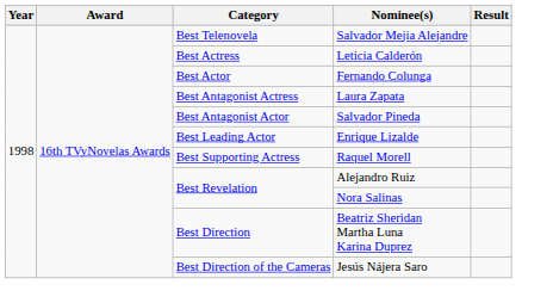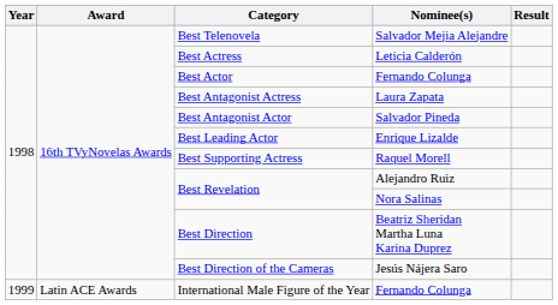 <table class="wikitable">
 <tr style="background:#b0c4de;">
 <th>Year</th>
 <th>Award</th>
 <th>Category</th>
 <th>Nominee(s)</th>
 <th>Result</th>
 </tr>
 <tr>
 <td rowspan=11>1998</td>
 <td rowspan=11><a href='#'>16th TVyNovelas Awards</a></td>
 <td><a href='#'>Best Telenovela</a></td>
 <td><a href='#'>Salvador Mejia Alejandre</a></td>
 <td></td>
 </tr>
 <tr>
 <td><a href='#'>Best Actress</a></td>
 <td><a href='#'>Leticia Calderón</a></td>
 <td></td>
 </tr>
 <tr>
 <td><a href='#'>Best Actor</a></td>
 <td><a href='#'>Fernando Colunga</a></td>
 <td></td>
 </tr>
 <tr>
 <td><a href='#'>Best Antagonist Actress</a></td>
 <td><a href='#'>Laura Zapata</a></td>
 <td></td>
 </tr>
 <tr>
 <td><a href='#'>Best Antagonist Actor</a></td>
 <td><a href='#'>Salvador Pineda</a></td>
 <td></td>
 </tr>
 <tr>
 <td><a href='#'>Best Leading Actor</a></td>
 <td><a href='#'>Enrique Lizalde</a></td>
 <td></td>
 </tr>
 <tr>
 <td><a href='#'>Best Supporting Actress</a></td>
 <td><a href='#'>Raquel Morell</a></td>
 <td></td>
 </tr>
 <tr>
 <td rowspan=2><a href='#'>Best Revelation</a></td>
 <td>Alejandro Ruiz</td>
 <td></td>
 </tr>
 <tr>
 <td><a href='#'>Nora Salinas</a></td>
 <td></td>
 </tr>
 <tr>
 <td><a href='#'>Best Direction</a></td>
 <td><a href='#'>Beatriz Sheridan</a> <br> Martha Luna <br> <a href='#'>Karina Duprez</a></td>
 <td></td>
 </tr>
 <tr>
 <td><a href='#'>Best Direction of the Cameras</a></td>
 <td>Jesús Nájera Saro</td>
 <td></td>
 </tr>
+<tr>
+<td>1999</td>
+<td>Latin ACE Awards</td>
+<td>International Male Figure of the Year</td>
+<td><a href='#'>Fernando Colunga</a></td>
+<td></td>
+</tr>
 </table>
